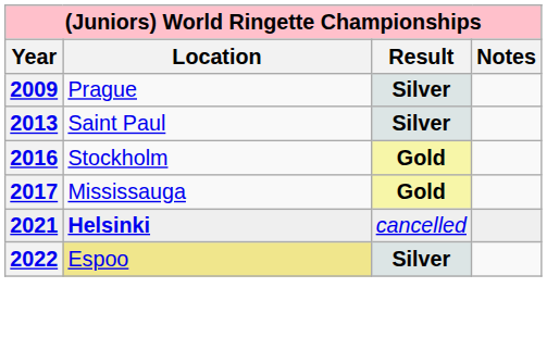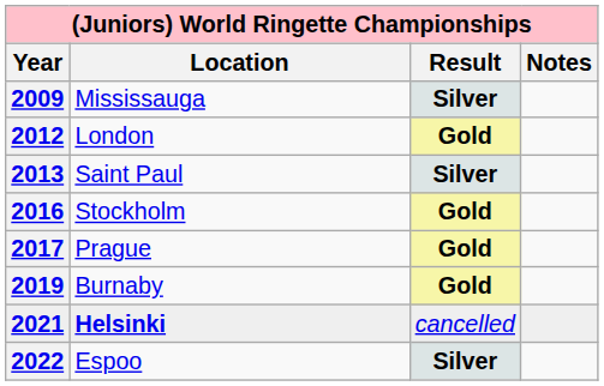 <table class="wikitable" style="text-align:left; font-size:90%;">
 <tr>
 <th colspan=4 style="background:pink;">(Juniors) World Ringette Championships</th>
 </tr>
 <tr>
 <th>Year</th>
 <th width=200>Location</th>
 <th style="text-align:center">Result</th>
 <th>Notes</th>
 </tr>
 <tr>
 <th><a href='#'>2009</a></th>
-<td> <a href='#'>Prague</a></td>
+<td> <a href='#'>Mississauga</a></td>
 <td style="background-color:#DCE5E5; text-align:center";><strong>Silver</strong></td>
+<td></td>
+</tr>
+<tr>
+<th><a href='#'>2012</a></th>
+<td> <a href='#'>London</a></td>
+<td style="background:#f7f6a8; text-align:center";><strong>Gold</strong></td>
 <td></td>
 </tr>
 <tr>
 <th><a href='#'>2013</a></th>
 <td> <a href='#'>Saint Paul</a></td>
 <td style="background-color:#DCE5E5; text-align:center";><strong>Silver</strong></td>
 <td></td>
 </tr>
 <tr>
 <th><a href='#'>2016</a></th>
 <td> <a href='#'>Stockholm</a></td>
 <td style="background:#f7f6a8; text-align:center";><strong>Gold</strong></td>
 <td></td>
 </tr>
 <tr>
 <th><a href='#'>2017</a></th>
-<td> <a href='#'>Mississauga</a></td>
+<td> <a href='#'>Prague</a></td>
+<td style="background:#f7f6a8; text-align:center";><strong>Gold</strong></td>
+<td></td>
+</tr>
+<tr>
+<th><a href='#'>2019</a></th>
+<td> <a href='#'>Burnaby</a></td>
 <td style="background:#f7f6a8; text-align:center";><strong>Gold</strong></td>
 <td></td>
 </tr>
 <tr>
 <th style="background:#eeee"><a href='#'>2021</a></th>
 <td style="background:#eeee"><strong> <a href='#'>Helsinki</a></strong></td>
 <td style="background:#eeee" align=center><em><a href='#'>cancelled</a></em></td>
 <td style="background:#eeee"></td>
 </tr>
 <tr>
 <th><a href='#'>2022</a></th>
-<td style="background: khaki;"> <a href='#'>Espoo</a></td>
+<td> <a href='#'>Espoo</a></td>
 <td style="background-color:#DCE5E5; text-align:center";><strong>Silver</strong></td>
 <td></td>
 </tr>
 </table>
